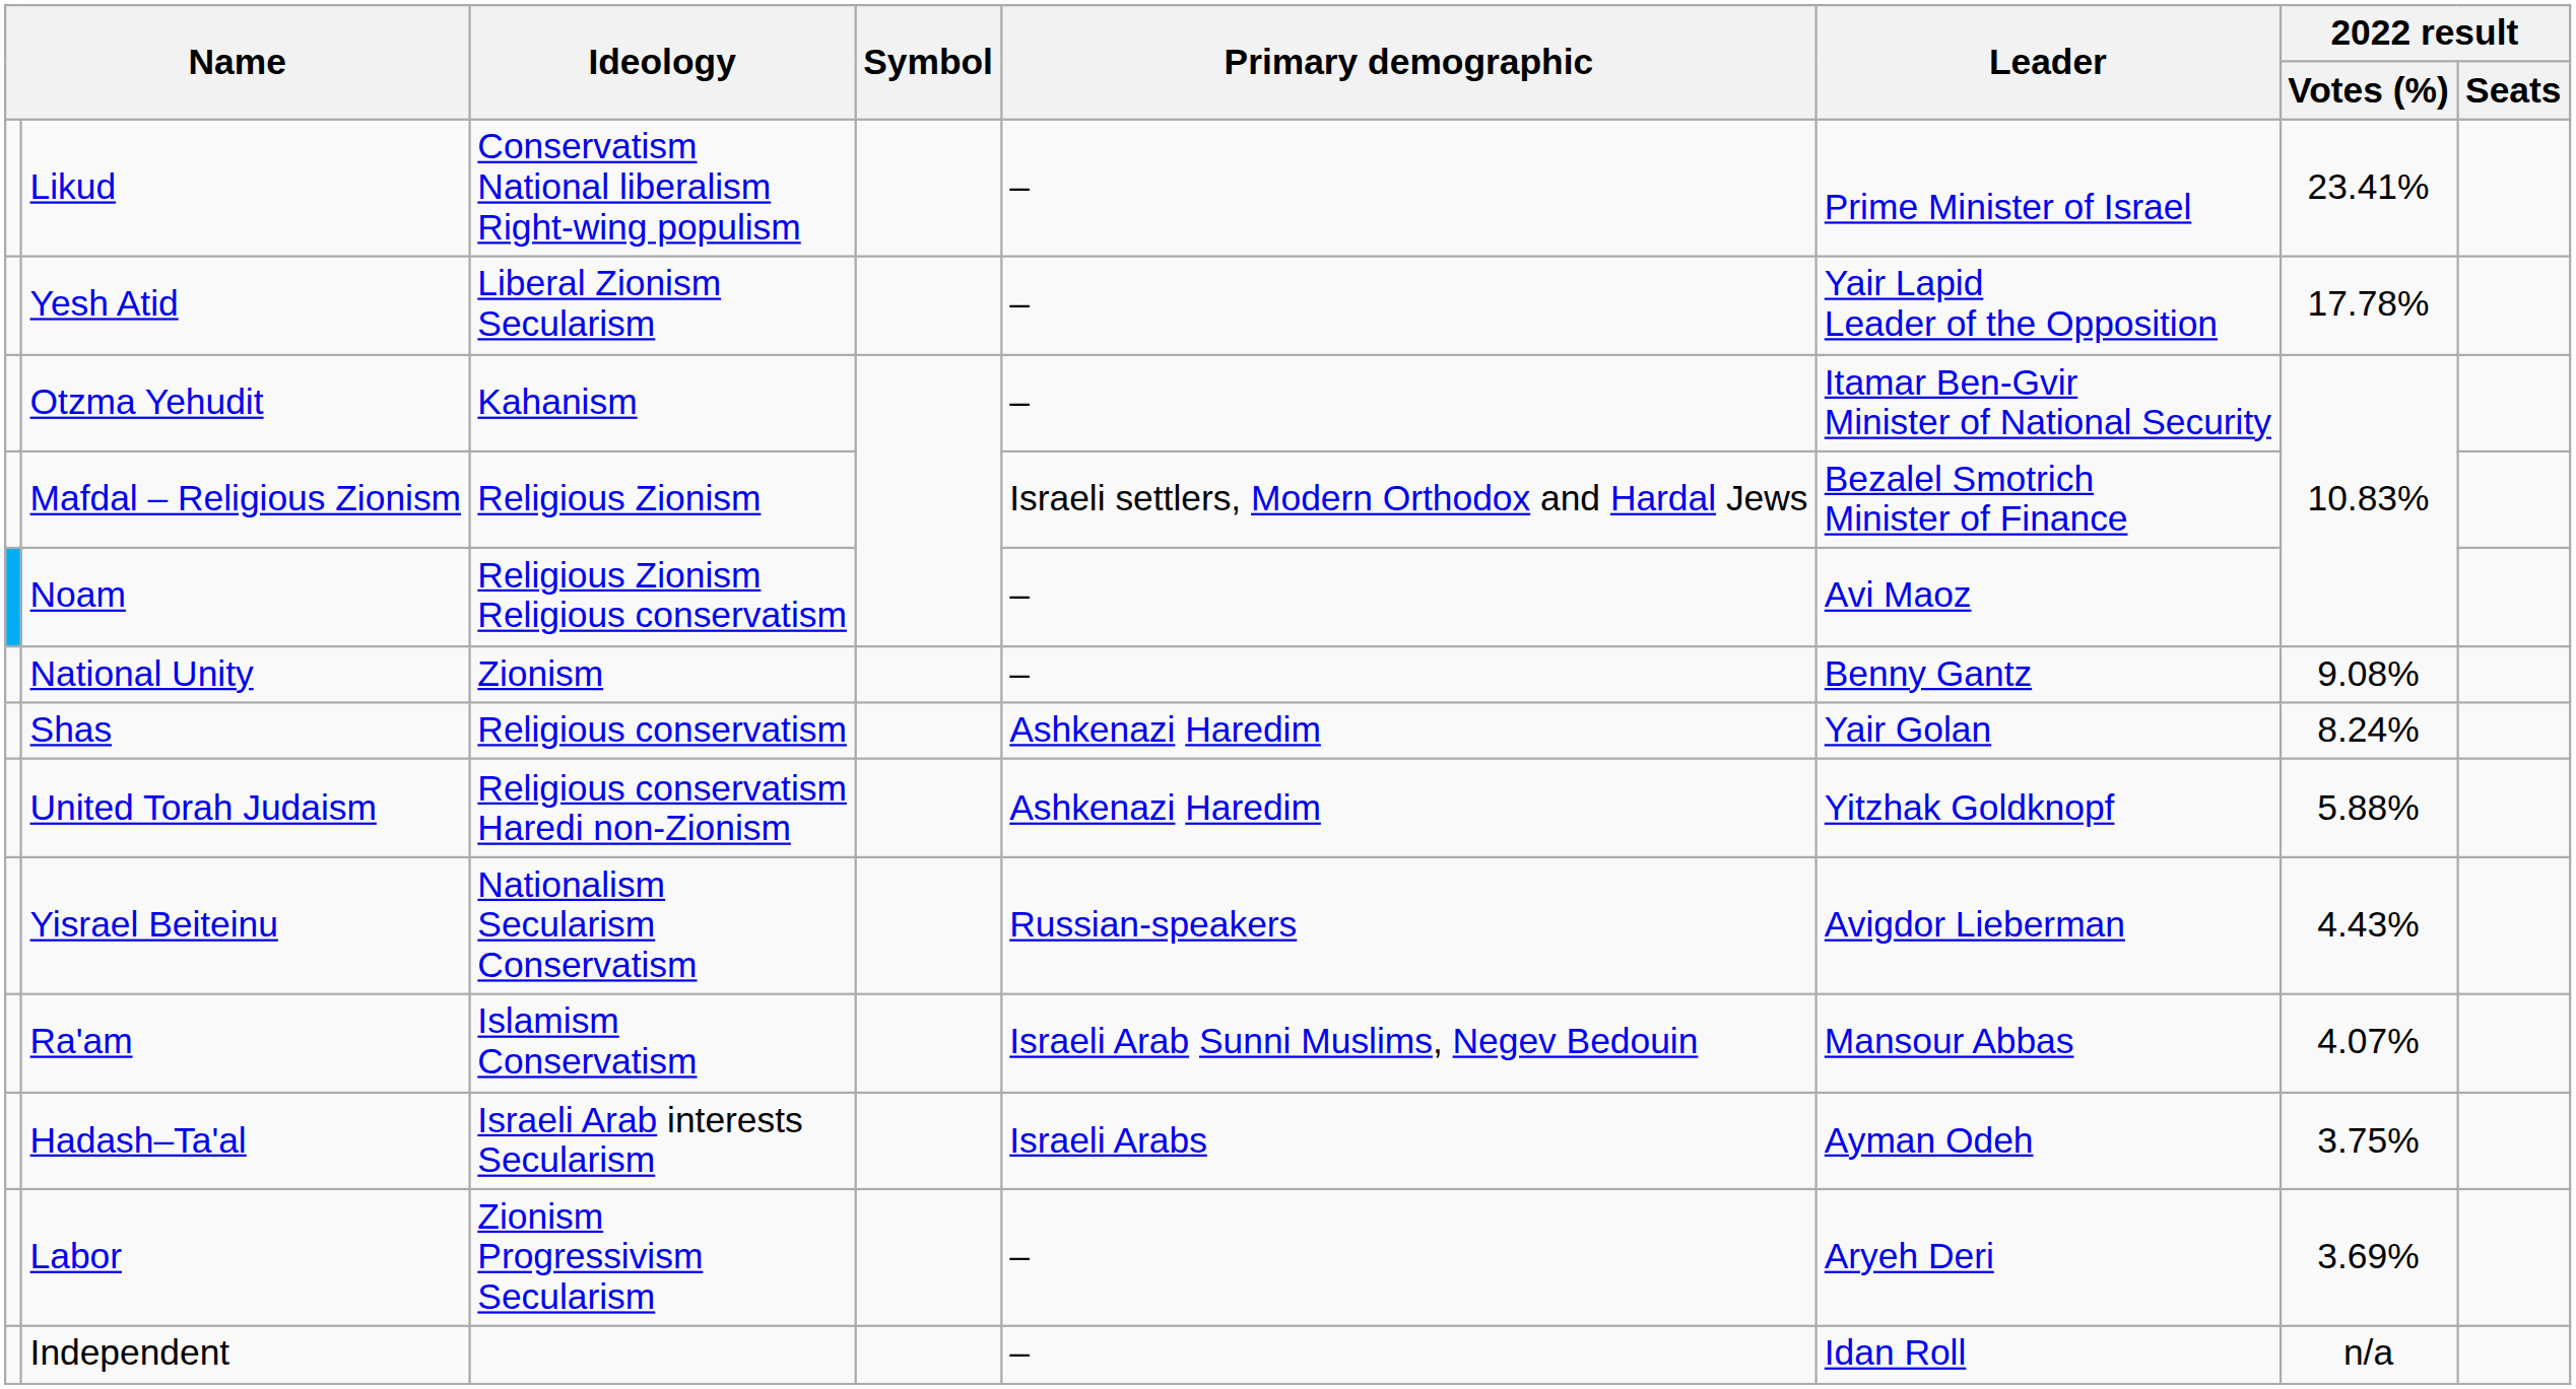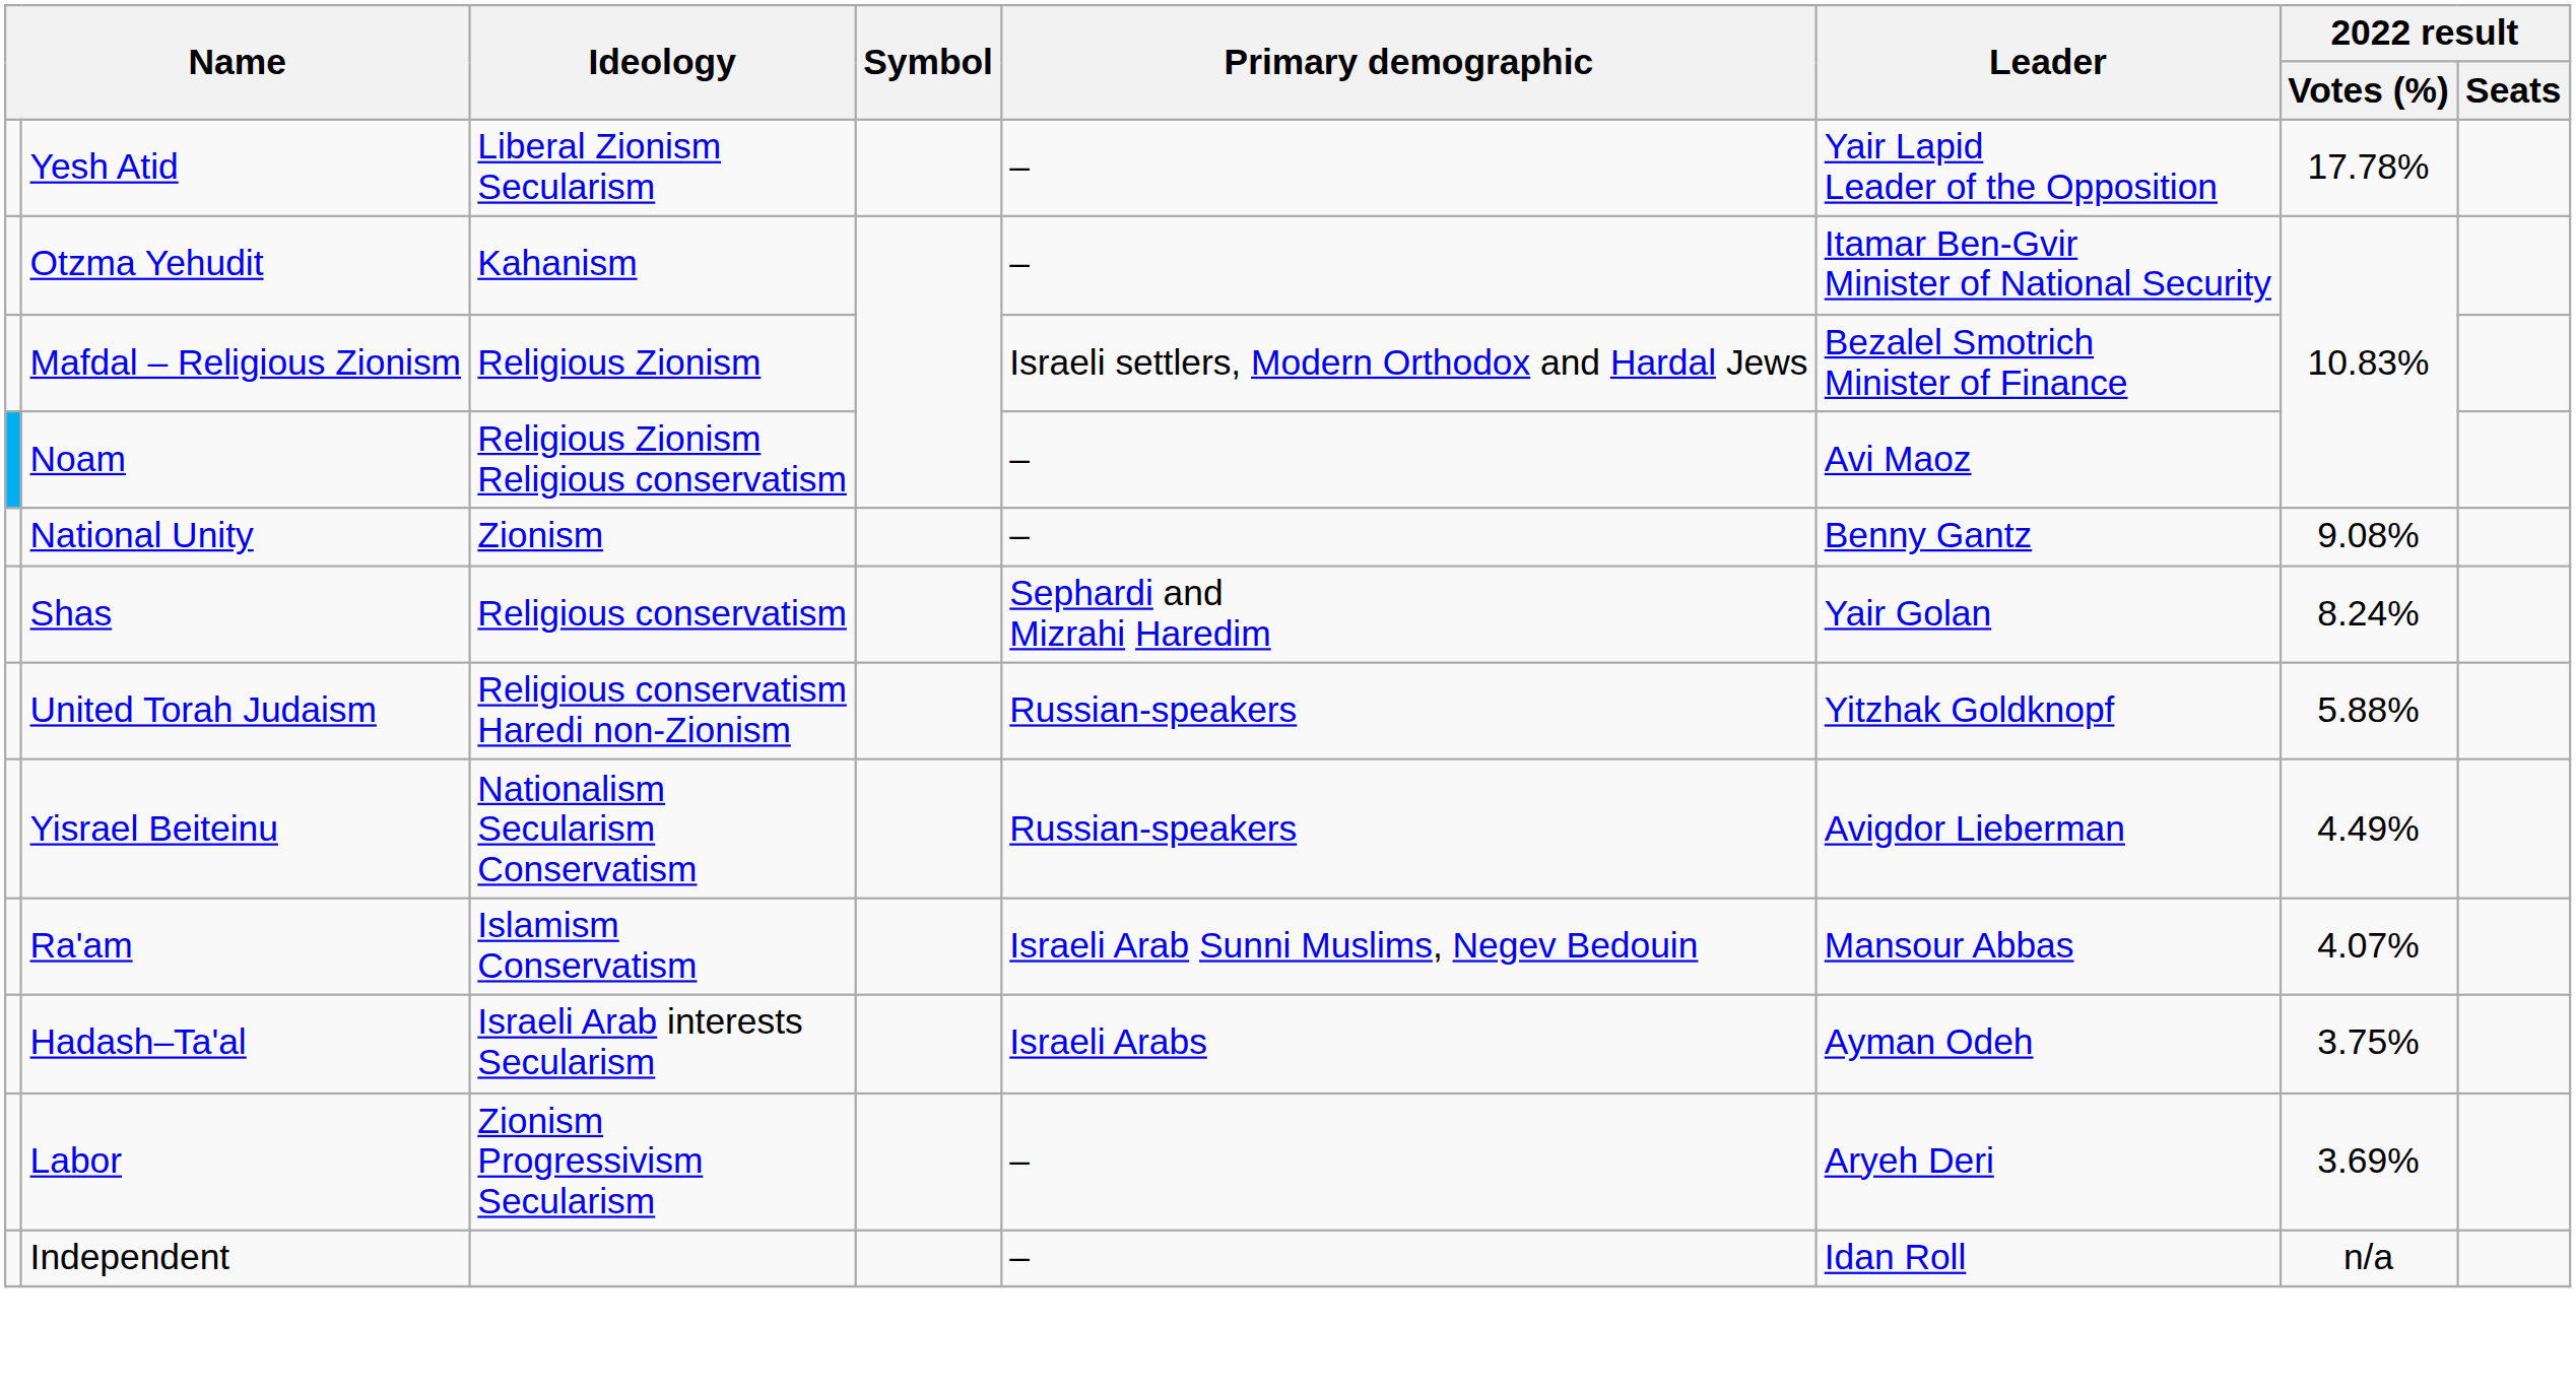 <table class="wikitable">
 <tr>
 <th rowspan="2" colspan=2>Name</th>
 <th rowspan="2">Ideology</th>
 <th rowspan="2">Symbol</th>
 <th rowspan="2">Primary demographic</th>
 <th rowspan="2">Leader</th>
 <th colspan="2">2022 result</th>
 </tr>
 <tr>
 <th>Votes (%)</th>
 <th>Seats</th>
-</tr>
-<tr>
-<td style="background:"></td>
-<td><a href='#'>Likud</a></td>
-<td><a href='#'>Conservatism</a><br><a href='#'>National liberalism</a><br><a href='#'>Right-wing populism</a></td>
-<td align=center></td>
-<td>–</td>
-<td> <br><a href='#'>Prime Minister of Israel</a></td>
-<td style="text-align:center;">23.41%</td>
-<td></td>
 </tr>
 <tr>
 <td style="background:"></td>
 <td><a href='#'>Yesh Atid</a></td>
 <td><a href='#'>Liberal Zionism</a><br><a href='#'>Secularism</a></td>
 <td style="text-align:center;"></td>
 <td>–</td>
 <td><a href='#'>Yair Lapid</a><br><a href='#'>Leader of the Opposition</a></td>
 <td style="text-align:center;">17.78%</td>
 <td></td>
 </tr>
 <tr>
 <td style="background:"></td>
 <td><a href='#'>Otzma Yehudit</a></td>
 <td><a href='#'>Kahanism</a></td>
 <td style="text-align:center;" rowspan=3></td>
 <td>–</td>
 <td><a href='#'>Itamar Ben-Gvir</a><br><a href='#'>Minister of National Security</a></td>
 <td style="text-align:center;" rowspan=3>10.83%</td>
 <td></td>
 </tr>
 <tr>
 <td style="background:"></td>
 <td><a href='#'>Mafdal – Religious Zionism</a></td>
 <td><a href='#'>Religious Zionism</a></td>
 <td>Israeli settlers, <a href='#'>Modern Orthodox</a> and <a href='#'>Hardal</a> Jews</td>
 <td><a href='#'>Bezalel Smotrich</a> <br> <a href='#'>Minister of Finance</a></td>
 <td></td>
 </tr>
 <tr>
 <td style="background:#01AFF0;"></td>
 <td><a href='#'>Noam</a></td>
 <td><a href='#'>Religious Zionism</a><br><a href='#'>Religious conservatism</a></td>
 <td>–</td>
 <td><a href='#'>Avi Maoz</a></td>
 <td></td>
 </tr>
 <tr>
 <td style="background:"></td>
 <td><a href='#'>National Unity</a></td>
 <td><a href='#'>Zionism</a></td>
 <td style="text-align:center;"></td>
 <td>–</td>
 <td><a href='#'>Benny Gantz</a></td>
 <td style="text-align:center;">9.08%</td>
 <td></td>
 </tr>
 <tr>
 <td style="background:"></td>
 <td><a href='#'>Shas</a></td>
 <td><a href='#'>Religious conservatism</a></td>
 <td align=center></td>
-<td><a href='#'>Ashkenazi</a> <a href='#'>Haredim</a></td>
+<td><a href='#'>Sephardi</a> and<br><a href='#'>Mizrahi</a> <a href='#'>Haredim</a></td>
 <td><a href='#'>Yair Golan</a></td>
 <td style="text-align:center;">8.24%</td>
 <td></td>
 </tr>
 <tr>
 <td style="background:"></td>
 <td><a href='#'>United Torah Judaism</a></td>
 <td><a href='#'>Religious conservatism</a><br><a href='#'>Haredi non-Zionism</a></td>
 <td style="text-align:center;"></td>
-<td><a href='#'>Ashkenazi</a> <a href='#'>Haredim</a></td>
+<td><a href='#'>Russian-speakers</a></td>
 <td><a href='#'>Yitzhak Goldknopf</a></td>
 <td style="text-align:center;">5.88%</td>
 <td></td>
 </tr>
 <tr>
 <td style="background:"></td>
 <td><a href='#'>Yisrael Beiteinu</a></td>
 <td><a href='#'>Nationalism</a><br><a href='#'>Secularism</a><br><a href='#'>Conservatism</a></td>
 <td style="text-align:center;"></td>
 <td><a href='#'>Russian-speakers</a></td>
 <td><a href='#'>Avigdor Lieberman</a></td>
-<td style="text-align:center;">4.43%</td>
+<td style="text-align:center;">4.49%</td>
 <td></td>
 </tr>
 <tr>
 <td style="background:"></td>
 <td><a href='#'>Ra'am</a></td>
 <td><a href='#'>Islamism</a><br><a href='#'>Conservatism</a></td>
 <td style="text-align:center;"></td>
 <td><a href='#'>Israeli Arab</a> <a href='#'>Sunni Muslims</a>, <a href='#'>Negev Bedouin</a></td>
 <td><a href='#'>Mansour Abbas</a></td>
 <td style="text-align:center;">4.07%</td>
 <td></td>
 </tr>
 <tr>
 <td style="background:"></td>
 <td><a href='#'>Hadash–Ta'al</a></td>
 <td><a href='#'>Israeli Arab</a> interests<br><a href='#'>Secularism</a></td>
 <td style="text-align:center;"></td>
 <td><a href='#'>Israeli Arabs</a></td>
 <td><a href='#'>Ayman Odeh</a></td>
 <td style="text-align:center;">3.75%</td>
 <td></td>
 </tr>
 <tr>
 <td style="background:"></td>
 <td><a href='#'>Labor</a></td>
 <td><a href='#'>Zionism</a><br><a href='#'>Progressivism</a><br><a href='#'>Secularism</a></td>
 <td style="text-align:center;"></td>
 <td>–</td>
 <td><a href='#'>Aryeh Deri</a></td>
 <td style="text-align:center;">3.69%</td>
 <td></td>
 </tr>
 <tr>
 <td style="background:"></td>
 <td>Independent</td>
 <td></td>
 <td style="text-align:center;"></td>
 <td>–</td>
 <td><a href='#'>Idan Roll</a></td>
 <td style="text-align:center;">n/a</td>
 <td></td>
 </tr>
 <tr>
 </tr>
 </table>
